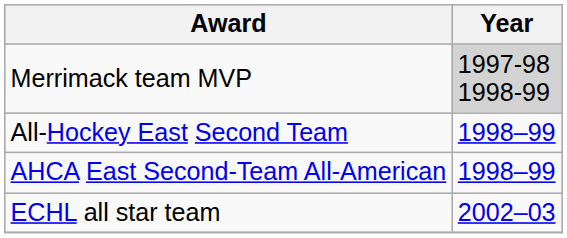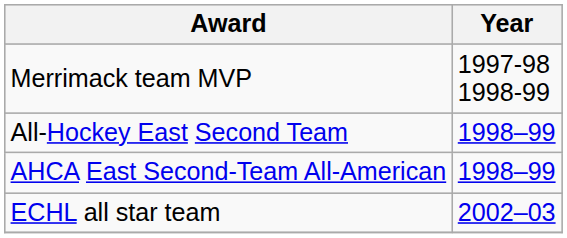 <table class="wikitable">
 <tr>
 <th>Award</th>
 <th>Year</th>
 </tr>
 <tr>
 <td>Merrimack team MVP</td>
-<td style="background: lightgrey;">1997-98<br>1998-99</td>
+<td>1997-98<br>1998-99</td>
 </tr>
 <tr>
 <td>All-<a href='#'>Hockey East</a> <a href='#'>Second Team</a></td>
 <td><a href='#'>1998–99</a></td>
 </tr>
 <tr>
 <td><a href='#'>AHCA</a> <a href='#'>East Second-Team All-American</a></td>
 <td><a href='#'>1998–99</a></td>
 </tr>
 <tr>
 <td><a href='#'>ECHL</a> all star team</td>
 <td><a href='#'>2002–03</a></td>
 </tr>
 <tr>
 </tr>
 </table>
